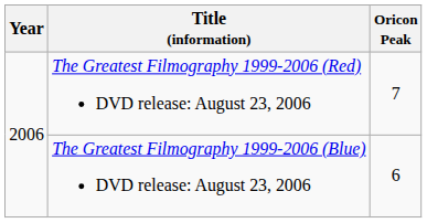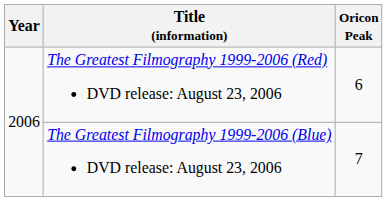 <table class="wikitable">
 <tr>
 <th>Year</th>
 <th>Title<br><small>(information)</small><br></th>
 <th><small>Oricon<br>Peak</small><br></th>
 </tr>
 <tr>
 <td rowspan="2">2006</td>
 <td><em><a href='#'>The Greatest Filmography 1999-2006 (Red)</a></em><br><ul><li>DVD release: August 23, 2006</li></ul></td>
-<td style="text-align:center;">7</td>
+<td style="text-align:center;">6</td>
 </tr>
 <tr>
 <td><em><a href='#'>The Greatest Filmography 1999-2006 (Blue)</a></em><br><ul><li>DVD release: August 23, 2006</li></ul></td>
-<td style="text-align:center;">6</td>
+<td style="text-align:center;">7</td>
 </tr>
 </table>
